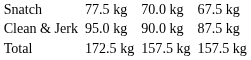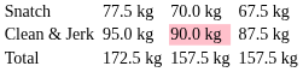 <table>
 <tr>
 <td>Snatch</td>
 <td></td>
 <td>77.5 kg</td>
 <td></td>
 <td>70.0 kg</td>
 <td></td>
 <td>67.5 kg</td>
 </tr>
 <tr>
 <td>Clean & Jerk</td>
 <td></td>
 <td>95.0 kg</td>
 <td></td>
-<td>90.0 kg</td>
+<td style="background: pink;">90.0 kg</td>
 <td></td>
 <td>87.5 kg</td>
 </tr>
 <tr>
 <td>Total</td>
 <td></td>
 <td>172.5 kg</td>
 <td></td>
 <td>157.5 kg</td>
 <td></td>
 <td>157.5 kg</td>
 </tr>
 </table>
